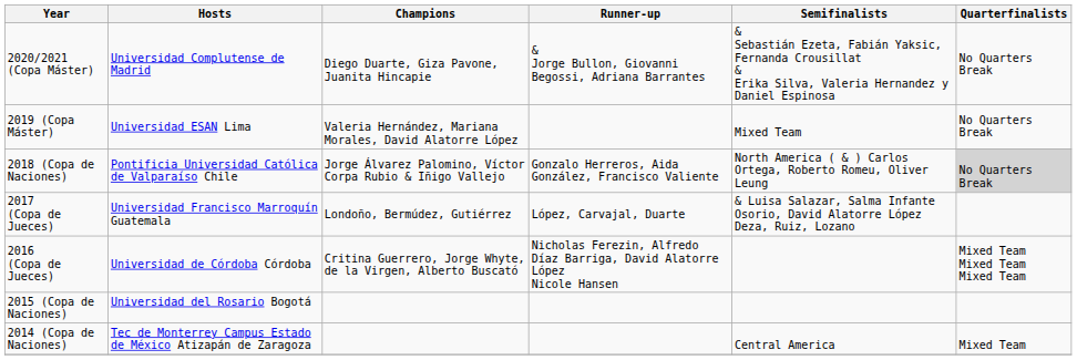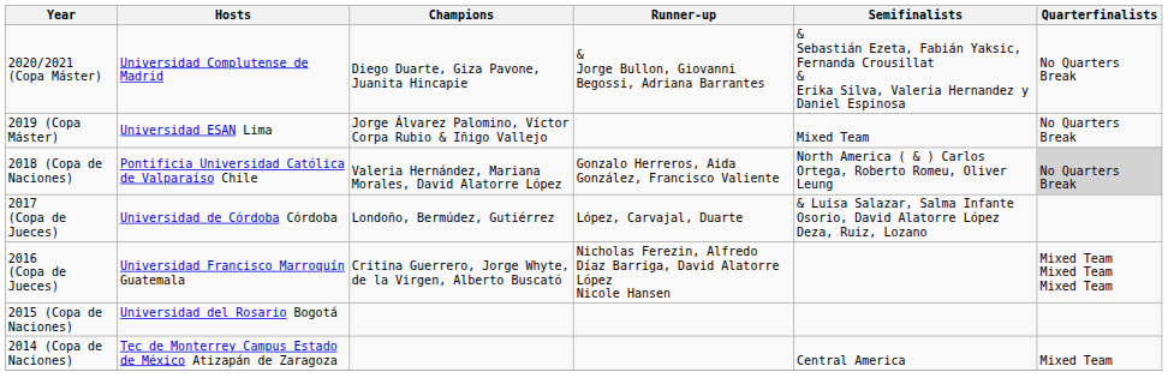 <table class="wikitable collapsible">
 <tr>
 <th>Year</th>
 <th>Hosts</th>
 <th>Champions</th>
 <th>Runner-up</th>
 <th>Semifinalists</th>
 <th>Quarterfinalists</th>
 </tr>
 <tr>
 <td>2020/2021 (Copa Máster)</td>
 <td> <a href='#'>Universidad Complutense de Madrid</a></td>
 <td> <br>Diego Duarte, Giza Pavone, Juanita Hincapie</td>
 <td> & <br>Jorge Bullon, Giovanni Begossi, Adriana Barrantes</td>
 <td> & <br>Sebastián Ezeta, Fabián Yaksic, Fernanda Crousillat<br> & <br>Erika Silva, Valeria Hernandez y Daniel Espinosa</td>
 <td>No Quarters Break</td>
 </tr>
 <tr>
 <td>2019 (Copa Máster)</td>
 <td> <a href='#'>Universidad ESAN</a> Lima</td>
-<td><br>Valeria Hernández, Mariana Morales, David Alatorre López</td>
+<td> Jorge Álvarez Palomino, Víctor Corpa Rubio & Iñigo Vallejo</td>
 <td> <br></td>
 <td><br>Mixed Team<br>  </td>
 <td>No Quarters Break</td>
 </tr>
 <tr>
 <td>2018 (Copa de Naciones)</td>
 <td> <a href='#'>Pontificia Universidad Católica de Valparaíso</a> Chile</td>
-<td> Jorge Álvarez Palomino, Víctor Corpa Rubio & Iñigo Vallejo</td>
+<td><br>Valeria Hernández, Mariana Morales, David Alatorre López</td>
 <td> Gonzalo Herreros, Aida González, Francisco Valiente</td>
 <td>North America ( & ) Carlos Ortega, Roberto Romeu, Oliver Leung<br></td>
 <td style="background: lightgrey;"><br>No Quarters Break</td>
 </tr>
 <tr>
 <td>2017<br>(Copa de Jueces)</td>
-<td> <a href='#'>Universidad Francisco Marroquín</a> Guatemala</td>
+<td> <a href='#'>Universidad de Córdoba</a> Córdoba</td>
 <td> Londoño, Bermúdez, Gutiérrez</td>
 <td>  López, Carvajal, Duarte</td>
 <td> &  Luisa Salazar, Salma Infante Osorio, David Alatorre López<br> Deza, Ruiz, Lozano</td>
 <td><br>    </td>
 </tr>
 <tr>
 <td>2016<br>(Copa de Jueces)</td>
-<td> <a href='#'>Universidad de Córdoba</a> Córdoba</td>
+<td> <a href='#'>Universidad Francisco Marroquín</a> Guatemala</td>
 <td> Critina Guerrero, Jorge Whyte, de la Virgen, Alberto Buscató</td>
 <td> Nicholas Ferezin, Alfredo Díaz Barriga, David Alatorre López<br> Nicole Hansen</td>
 <td><br></td>
 <td> Mixed Team<br>Mixed Team<br>Mixed Team</td>
 </tr>
 <tr valign="Top">
 <td>2015 (Copa de Naciones)</td>
 <td> <a href='#'>Universidad del Rosario</a> Bogotá</td>
 <td></td>
 <td></td>
 <td><br></td>
 <td><br></td>
 </tr>
 <tr>
 <td>2014 (Copa de Naciones)</td>
 <td> <a href='#'>Tec de Monterrey Campus Estado de México</a> Atizapán de Zaragoza</td>
 <td></td>
 <td></td>
 <td><br>Central America</td>
 <td><br>Mixed Team</td>
 </tr>
 <tr>
 </tr>
 </table>
